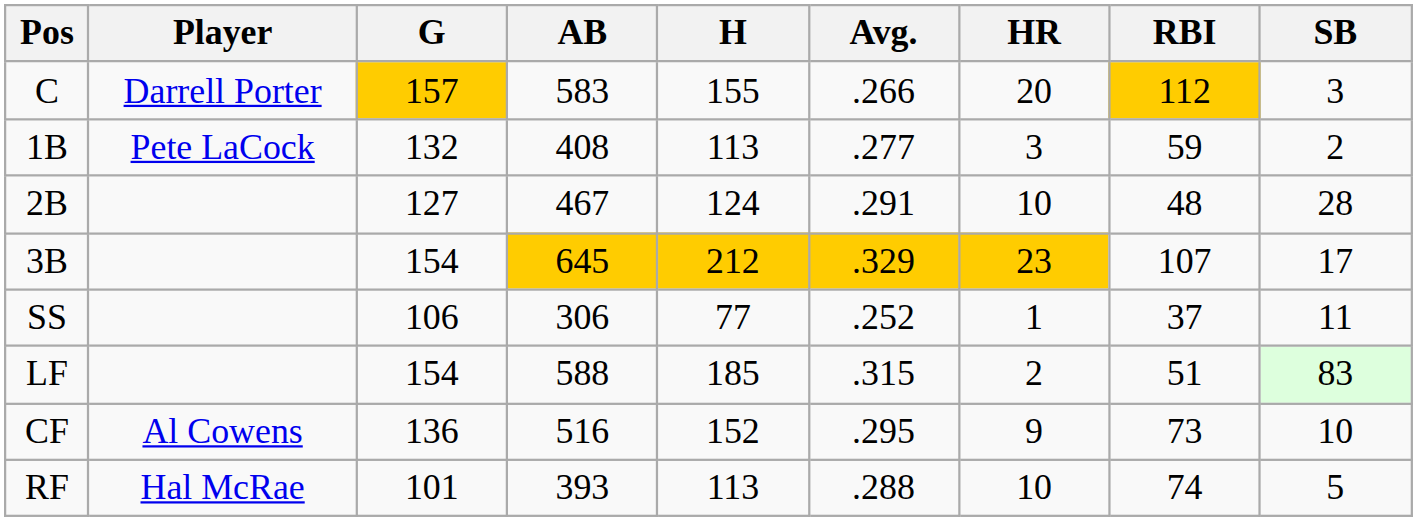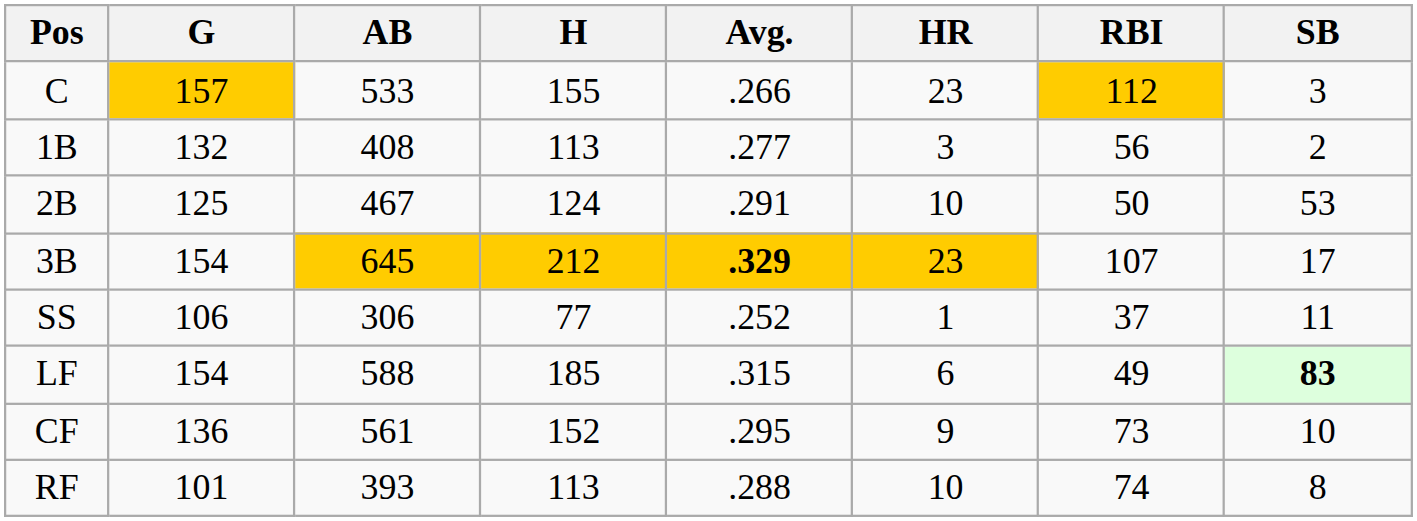 <table class="wikitable sortable">
 <tr>
 <th bgcolor="#DDDDFF" width="5%">Pos</th>
-<th bgcolor="#DDDDFF" width="16%">Player</th>
 <th bgcolor="#DDDDFF" width="9%">G</th>
 <th bgcolor="#DDDDFF" width="9%">AB</th>
 <th bgcolor="#DDDDFF" width="9%">H</th>
 <th bgcolor="#DDDDFF" width="9%">Avg.</th>
 <th bgcolor="#DDDDFF" width="9%">HR</th>
 <th bgcolor="#DDDDFF" width="9%">RBI</th>
 <th bgcolor="#DDDDFF" width="9%">SB</th>
 </tr>
 <tr align="center">
 <td>C</td>
-<td><a href='#'>Darrell Porter</a></td>
 <td style="background:#fc0;">157</td>
-<td>583</td>
+<td>533</td>
 <td>155</td>
 <td>.266</td>
-<td>20</td>
+<td>23</td>
 <td style="background:#fc0;">112</td>
 <td>3</td>
 </tr>
 <tr align=center>
 <td>1B</td>
-<td><a href='#'>Pete LaCock</a></td>
 <td>132</td>
 <td>408</td>
 <td>113</td>
 <td>.277</td>
 <td>3</td>
-<td>59</td>
+<td>56</td>
 <td>2</td>
 </tr>
 <tr align=center>
 <td>2B</td>
-<td></td>
-<td>127</td>
+<td>125</td>
 <td>467</td>
 <td>124</td>
 <td>.291</td>
 <td>10</td>
-<td>48</td>
-<td>28</td>
+<td>50</td>
+<td>53</td>
 </tr>
 <tr align="center">
 <td>3B</td>
-<td></td>
 <td>154</td>
 <td style="background:#fc0;">645</td>
 <td style="background:#fc0;">212</td>
-<td style="background:#fc0;">.329</td>
+<td style="background:#fc0;"><strong>.329</strong></td>
 <td style="background:#fc0;">23</td>
 <td>107</td>
 <td>17</td>
 </tr>
 <tr align="center">
 <td>SS</td>
-<td></td>
 <td>106</td>
 <td>306</td>
 <td>77</td>
 <td>.252</td>
 <td>1</td>
 <td>37</td>
 <td>11</td>
 </tr>
 <tr align="center">
 <td>LF</td>
-<td></td>
 <td>154</td>
 <td>588</td>
 <td>185</td>
 <td>.315</td>
-<td>2</td>
-<td>51</td>
-<td style="background:#DDFFDD;">83</td>
+<td>6</td>
+<td>49</td>
+<td style="background:#DDFFDD;"><strong>83</strong></td>
 </tr>
 <tr align="center">
 <td>CF</td>
-<td><a href='#'>Al Cowens</a></td>
 <td>136</td>
-<td>516</td>
+<td>561</td>
 <td>152</td>
 <td>.295</td>
 <td>9</td>
 <td>73</td>
 <td>10</td>
 </tr>
 <tr align=center>
 <td>RF</td>
-<td><a href='#'>Hal McRae</a></td>
 <td>101</td>
 <td>393</td>
 <td>113</td>
 <td>.288</td>
 <td>10</td>
 <td>74</td>
-<td>5</td>
+<td>8</td>
 </tr>
 </table>
